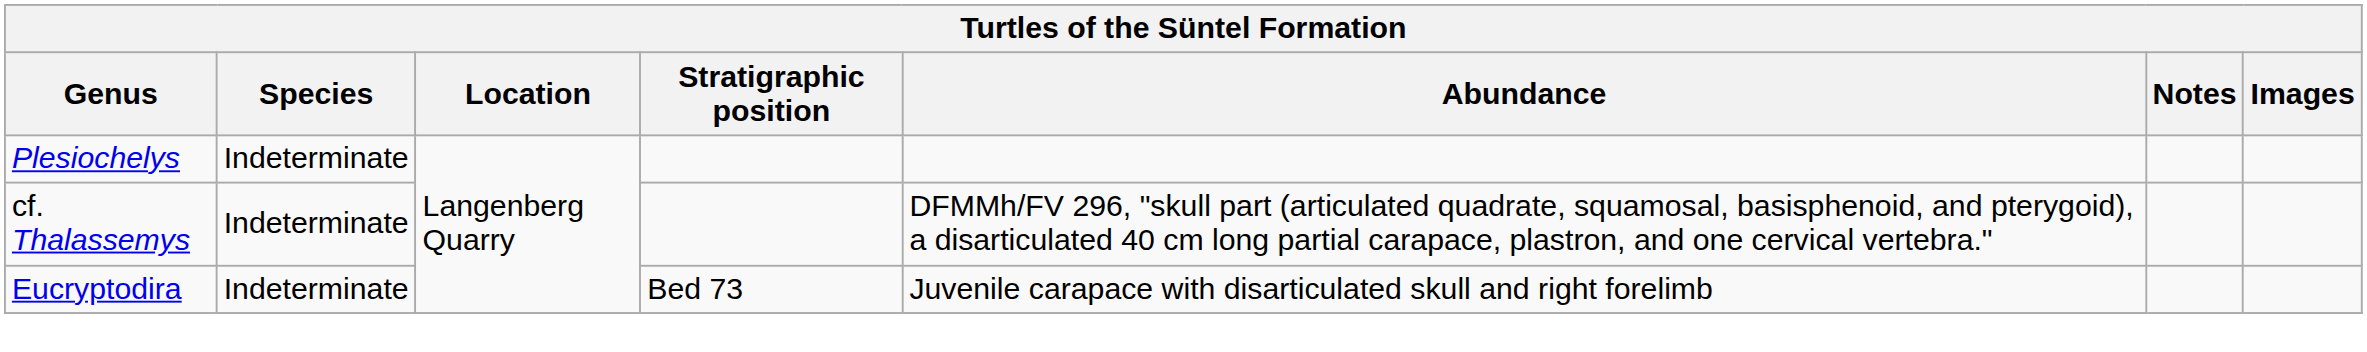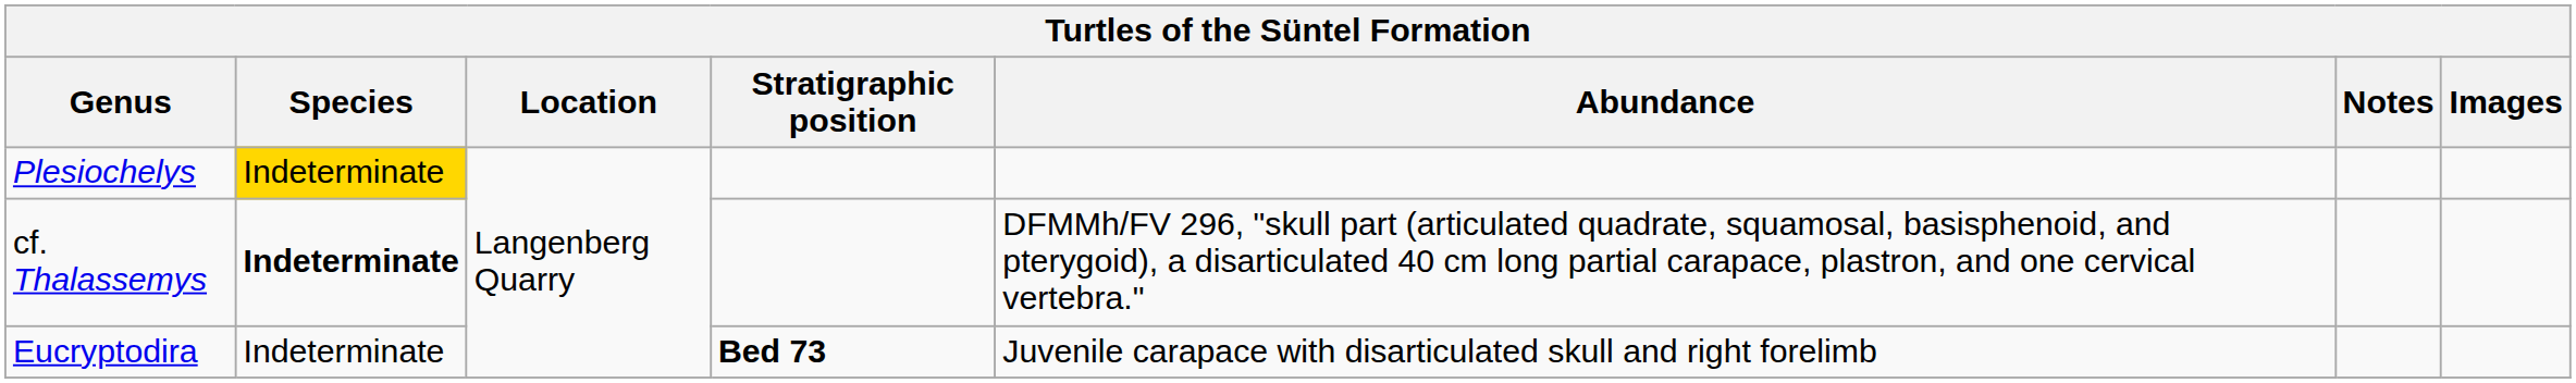 <table class="wikitable sortable">
 <tr>
 <th colspan="7" align="center"><strong>Turtles of the Süntel Formation</strong></th>
 </tr>
 <tr>
 <th>Genus</th>
 <th>Species</th>
 <th>Location</th>
 <th>Stratigraphic position</th>
 <th>Abundance</th>
 <th>Notes</th>
 <th>Images</th>
 </tr>
 <tr>
 <td><em><a href='#'>Plesiochelys</a></em></td>
-<td>Indeterminate</td>
+<td style="background: gold;">Indeterminate</td>
 <td rowspan="3">Langenberg Quarry</td>
 <td></td>
 <td></td>
 <td></td>
 <td></td>
 </tr>
 <tr>
 <td>cf. <em><a href='#'>Thalassemys</a></em></td>
-<td>Indeterminate</td>
+<td><strong>Indeterminate</strong></td>
 <td></td>
 <td>DFMMh/FV 296, "skull part (articulated quadrate, squamosal, basisphenoid, and pterygoid), a disarticulated 40 cm long partial carapace, plastron, and one cervical vertebra."</td>
 <td></td>
 <td></td>
 </tr>
 <tr>
 <td><a href='#'>Eucryptodira</a></td>
 <td>Indeterminate</td>
-<td>Bed 73</td>
+<td><strong>Bed 73</strong></td>
 <td>Juvenile carapace with disarticulated skull and right forelimb</td>
 <td></td>
 <td></td>
 </tr>
 </table>
